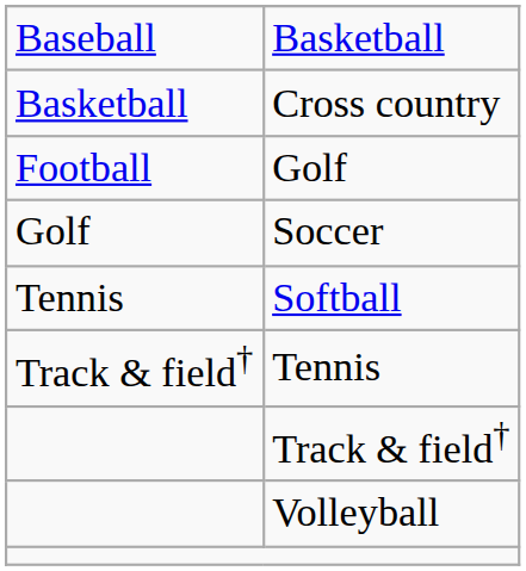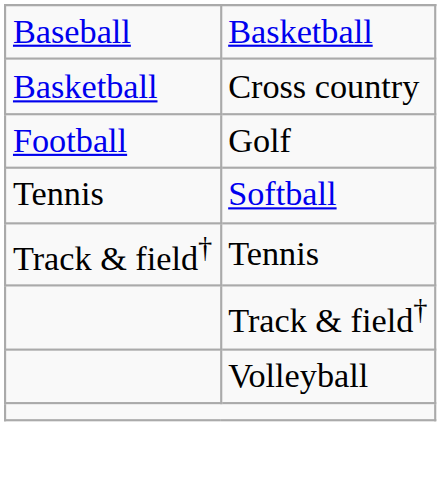 <table class="wikitable" style=" ">
 <tr>
 </tr>
 <tr>
 <td><a href='#'>Baseball</a></td>
 <td><a href='#'>Basketball</a></td>
 </tr>
 <tr>
 <td><a href='#'>Basketball</a></td>
 <td>Cross country</td>
 </tr>
 <tr>
 <td><a href='#'>Football</a></td>
 <td>Golf</td>
-</tr>
-<tr>
-<td>Golf</td>
-<td>Soccer</td>
 </tr>
 <tr>
 <td>Tennis</td>
 <td><a href='#'>Softball</a></td>
 </tr>
 <tr>
 <td>Track & field<sup>†</sup></td>
 <td>Tennis</td>
 </tr>
 <tr>
 <td></td>
 <td>Track & field<sup>†</sup></td>
 </tr>
 <tr>
 <td></td>
 <td>Volleyball</td>
 </tr>
 <tr>
 <td colspan="2"></td>
 </tr>
 </table>
